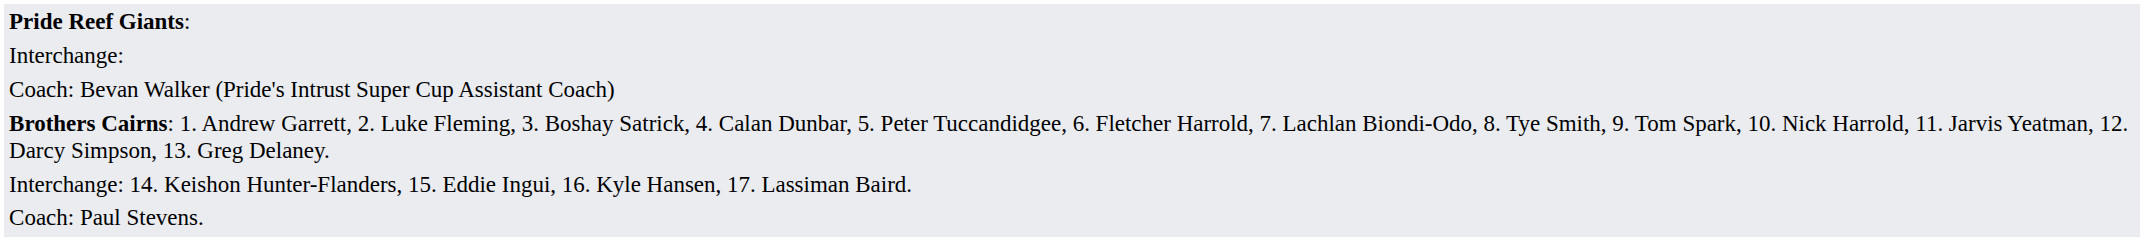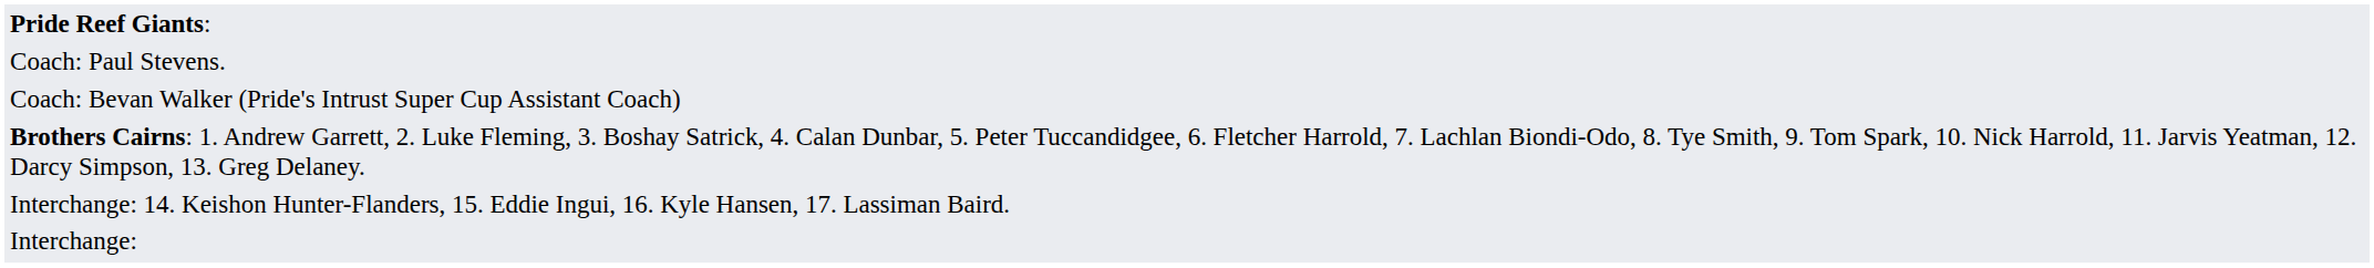 <table style="background:#eaecf0; font-size:85%; width:100%;">
 <tr>
 <td><strong> Pride Reef Giants</strong>:             </td>
 </tr>
 <tr>
-<td>Interchange:     </td>
+<td>Coach: Paul Stevens.</td>
 </tr>
 <tr>
 <td>Coach: Bevan Walker (Pride's Intrust Super Cup Assistant Coach)</td>
 </tr>
 <tr>
 <td><strong> Brothers Cairns</strong>: 1. Andrew Garrett, 2. Luke Fleming, 3. Boshay Satrick, 4. Calan Dunbar, 5. Peter Tuccandidgee, 6.  Fletcher Harrold, 7. Lachlan Biondi-Odo, 8. Tye Smith, 9. Tom Spark, 10. Nick Harrold, 11. Jarvis Yeatman, 12. Darcy Simpson, 13. Greg Delaney.</td>
 </tr>
 <tr>
 <td>Interchange: 14. Keishon Hunter-Flanders, 15. Eddie Ingui, 16.  Kyle Hansen, 17. Lassiman Baird.</td>
 </tr>
 <tr>
-<td>Coach: Paul Stevens.</td>
+<td>Interchange:     </td>
 </tr>
 </table>
